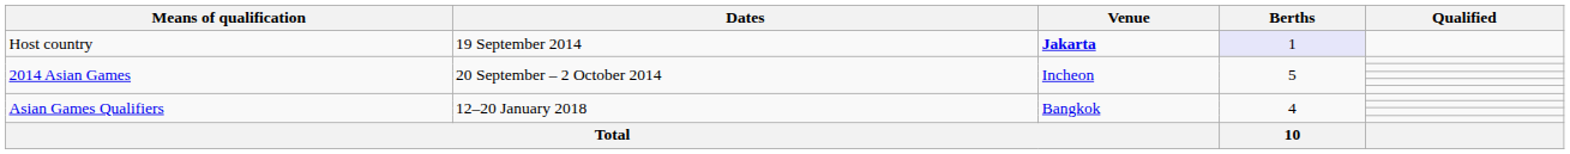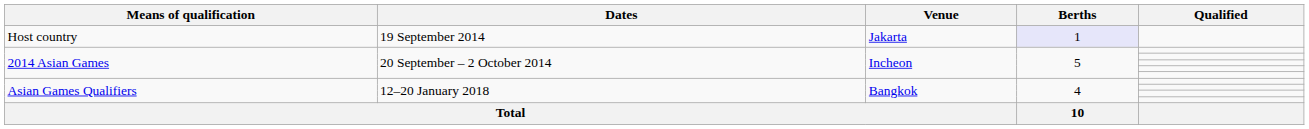 <table class="wikitable" width="78%">
 <tr>
 <th>Means of qualification</th>
 <th>Dates</th>
 <th>Venue</th>
 <th>Berths</th>
 <th>Qualified</th>
 </tr>
 <tr>
 <td>Host country</td>
 <td>19 September 2014</td>
-<td><strong> <a href='#'>Jakarta</a></strong></td>
+<td> <a href='#'>Jakarta</a></td>
 <td align="center" style="background: lavender;">1</td>
 <td></td>
 </tr>
 <tr>
 <td rowspan="5"><a href='#'>2014 Asian Games</a></td>
 <td rowspan="5">20 September – 2 October 2014</td>
 <td rowspan="5"> <a href='#'>Incheon</a></td>
 <td rowspan="5" align="center">5</td>
 <td></td>
 </tr>
 <tr>
 <td></td>
 </tr>
 <tr>
 <td></td>
 </tr>
 <tr>
 <td></td>
 </tr>
 <tr>
 <td></td>
 </tr>
 <tr>
 <td rowspan="4"><a href='#'>Asian Games Qualifiers</a></td>
 <td rowspan="4">12–20 January 2018</td>
 <td rowspan="4"> <a href='#'>Bangkok</a></td>
 <td rowspan="4" align="center">4</td>
 <td></td>
 </tr>
 <tr>
 <td></td>
 </tr>
 <tr>
 <td></td>
 </tr>
 <tr>
 <td></td>
 </tr>
 <tr>
 <th colspan="3">Total</th>
 <th align="center">10</th>
 <th></th>
 </tr>
 </table>
